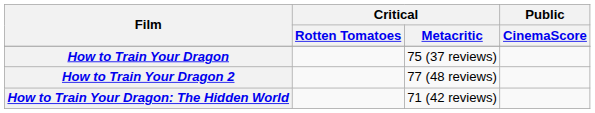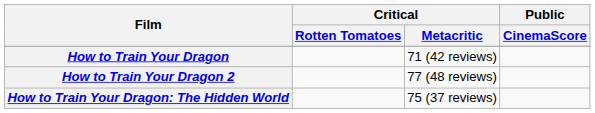 <table class="wikitable plainrowheaders sortable" style="text-align: center;">
 <tr>
 <th scope="col" rowspan="2">Film</th>
 <th scope="col" colspan="2">Critical</th>
 <th scope="col" colspan="2">Public</th>
 </tr>
 <tr>
 <th scope="col"><a href='#'>Rotten Tomatoes</a></th>
 <th scope="col"><a href='#'>Metacritic</a></th>
 <th scope="col"><a href='#'>CinemaScore</a></th>
 </tr>
 <tr>
 </tr>
 <tr>
 <th scope="row"><em><a href='#'>How to Train Your Dragon</a></em></th>
 <td></td>
-<td>75 (37 reviews)</td>
+<td>71 (42 reviews)</td>
 <td></td>
 </tr>
 <tr>
 <th scope="row"><em><a href='#'>How to Train Your Dragon 2</a></em></th>
 <td></td>
 <td>77 (48 reviews)</td>
 <td></td>
 </tr>
 <tr>
 <th scope="row"><em><a href='#'>How to Train Your Dragon: The Hidden World</a></em></th>
 <td></td>
-<td>71 (42 reviews)</td>
+<td>75 (37 reviews)</td>
 <td></td>
 </tr>
 </table>
